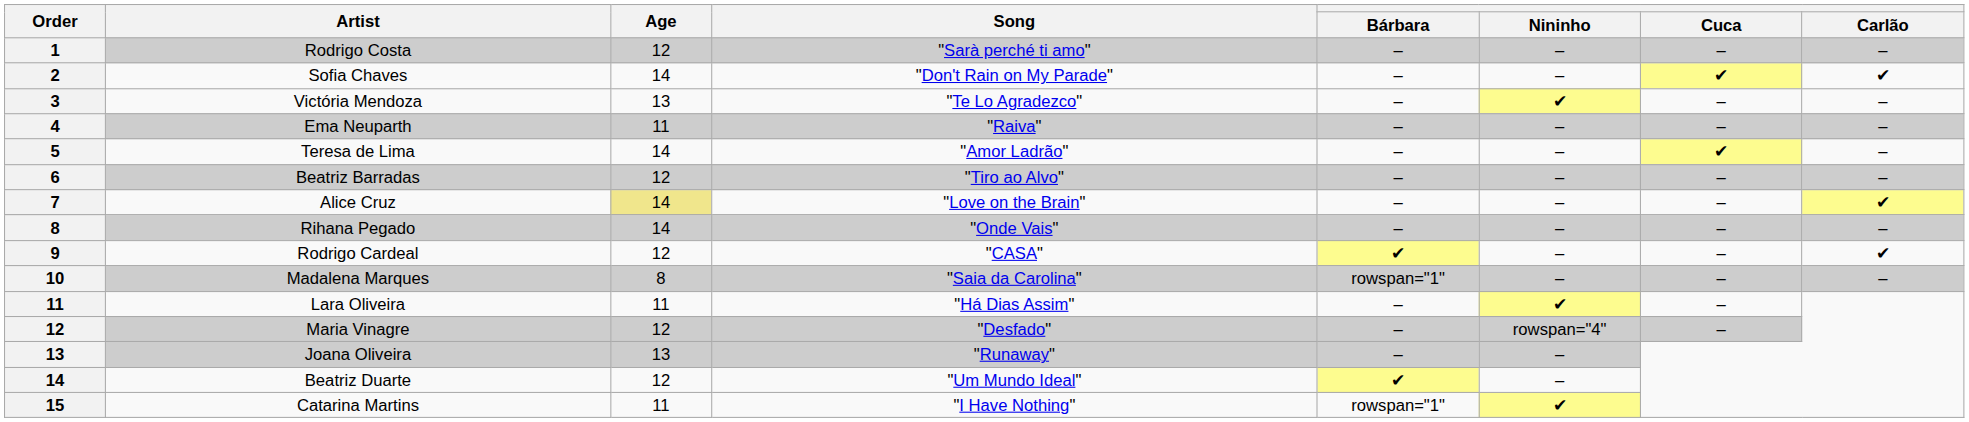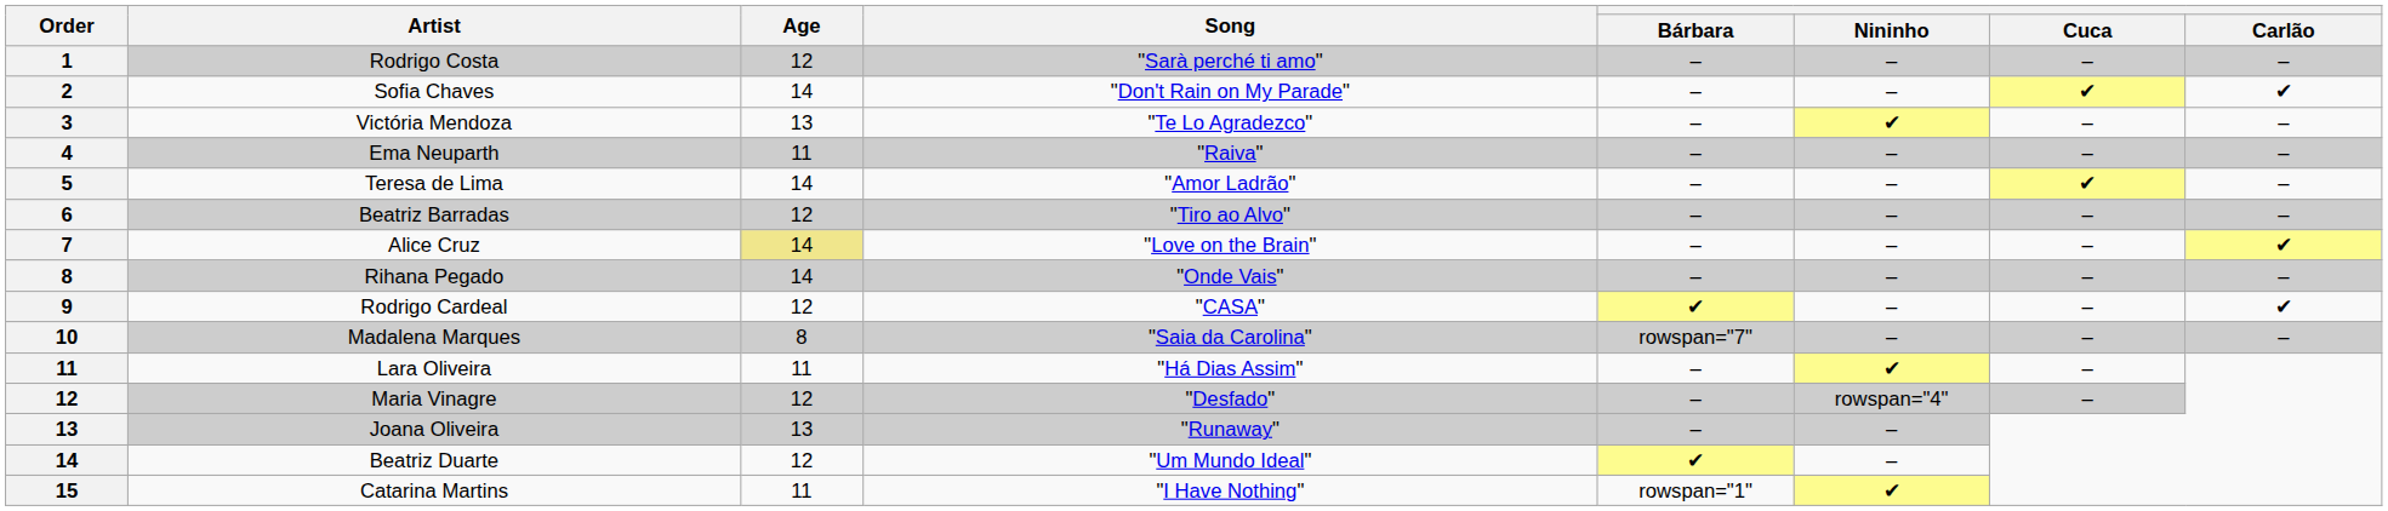 <table class="wikitable" style="text-align:center; line-height:17px; width:95%">
 <tr>
 <th rowspan="2" width="05%">Order</th>
 <th rowspan="2" width="25%">Artist</th>
 <th rowspan="2" width="05%">Age</th>
 <th rowspan="2" width="30%">Song</th>
 <th colspan="4"></th>
 </tr>
 <tr>
 <th width="08%">Bárbara</th>
 <th width="08%">Nininho</th>
 <th width="08%">Cuca</th>
 <th width="08%">Carlão</th>
 </tr>
 <tr style="background:#cdcdcd">
 <th>1</th>
 <td>Rodrigo Costa</td>
 <td>12</td>
 <td>"<a href='#'>Sarà perché ti amo</a>"</td>
 <td>–</td>
 <td>–</td>
 <td>–</td>
 <td>–</td>
 </tr>
 <tr>
 <th>2</th>
 <td>Sofia Chaves</td>
 <td>14</td>
 <td>"<a href='#'>Don't Rain on My Parade</a>"</td>
 <td>–</td>
 <td>–</td>
 <td style="background:#fdfc8f">✔</td>
 <td>✔</td>
 </tr>
 <tr>
 <th>3</th>
 <td>Victória Mendoza</td>
 <td>13</td>
 <td>"<a href='#'>Te Lo Agradezco</a>"</td>
 <td>–</td>
 <td style="background:#fdfc8f">✔</td>
 <td>–</td>
 <td>–</td>
 </tr>
 <tr style="background:#cdcdcd">
 <th>4</th>
 <td>Ema Neuparth</td>
 <td>11</td>
 <td>"<a href='#'>Raiva</a>"</td>
 <td>–</td>
 <td>–</td>
 <td>–</td>
 <td>–</td>
 </tr>
 <tr>
 <th>5</th>
 <td>Teresa de Lima</td>
 <td>14</td>
 <td>"<a href='#'>Amor Ladrão</a>"</td>
 <td>–</td>
 <td>–</td>
 <td style="background:#fdfc8f">✔</td>
 <td>–</td>
 </tr>
 <tr style="background:#cdcdcd">
 <th>6</th>
 <td>Beatriz Barradas</td>
 <td>12</td>
 <td>"<a href='#'>Tiro ao Alvo</a>"</td>
 <td>–</td>
 <td>–</td>
 <td>–</td>
 <td>–</td>
 </tr>
 <tr>
 <th>7</th>
 <td>Alice Cruz</td>
 <td style="background: khaki;">14</td>
 <td>"<a href='#'>Love on the Brain</a>"</td>
 <td>–</td>
 <td>–</td>
 <td>–</td>
 <td style="background:#fdfc8f">✔</td>
 </tr>
 <tr style="background:#cdcdcd">
 <th>8</th>
 <td>Rihana Pegado</td>
 <td>14</td>
 <td>"<a href='#'>Onde Vais</a>"</td>
 <td>–</td>
 <td>–</td>
 <td>–</td>
 <td>–</td>
 </tr>
 <tr>
 <th>9</th>
 <td>Rodrigo Cardeal</td>
 <td>12</td>
 <td>"<a href='#'>CASA</a>"</td>
 <td style="background:#fdfc8f">✔</td>
 <td>–</td>
 <td>–</td>
 <td>✔</td>
 </tr>
 <tr style="background:#cdcdcd">
 <th>10</th>
 <td>Madalena Marques</td>
 <td>8</td>
 <td>"<a href='#'>Saia da Carolina</a>"</td>
-<td>rowspan="1" </td>
+<td>rowspan="7" </td>
 <td>–</td>
 <td>–</td>
 <td>–</td>
 </tr>
 <tr>
 <th>11</th>
 <td>Lara Oliveira</td>
 <td>11</td>
 <td>"<a href='#'>Há Dias Assim</a>"</td>
 <td>–</td>
 <td style="background:#fdfc8f">✔</td>
 <td>–</td>
 </tr>
 <tr style="background:#cdcdcd">
 <th>12</th>
 <td>Maria Vinagre</td>
 <td>12</td>
 <td>"<a href='#'>Desfado</a>"</td>
 <td>–</td>
 <td>rowspan="4" </td>
 <td>–</td>
 </tr>
 <tr style="background:#cdcdcd">
 <th>13</th>
 <td>Joana Oliveira</td>
 <td>13</td>
 <td>"<a href='#'>Runaway</a>"</td>
 <td>–</td>
 <td>–</td>
 </tr>
 <tr>
 <th>14</th>
 <td>Beatriz Duarte</td>
 <td>12</td>
 <td>"<a href='#'>Um Mundo Ideal</a>"</td>
 <td style="background:#fdfc8f">✔</td>
 <td>–</td>
 </tr>
 <tr>
 <th>15</th>
 <td>Catarina Martins</td>
 <td>11</td>
 <td>"<a href='#'>I Have Nothing</a>"</td>
 <td>rowspan="1" </td>
 <td style="background:#fdfc8f">✔</td>
 </tr>
 </table>
